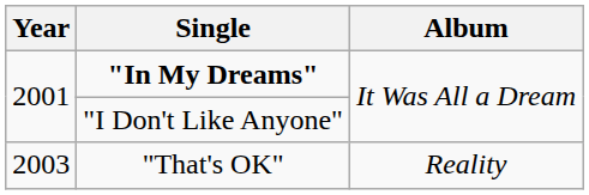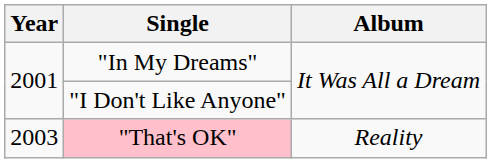 <table class="wikitable" style="text-align:center;">
 <tr>
 <th rowspan="1">Year</th>
 <th rowspan="1">Single</th>
 <th rowspan="1">Album</th>
 </tr>
 <tr>
 <td rowspan="2">2001</td>
-<td><strong>"In My Dreams"</strong></td>
+<td>"In My Dreams"</td>
 <td rowspan="2"><em>It Was All a Dream</em></td>
 </tr>
 <tr>
 <td>"I Don't Like Anyone"</td>
 </tr>
 <tr>
 <td rowspan="2">2003</td>
-<td>"That's OK" <br></td>
+<td style="background: pink;">"That's OK" <br></td>
 <td rowspan="2"><em>Reality</em></td>
 </tr>
 </table>
